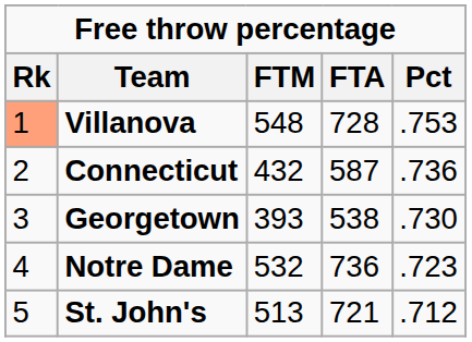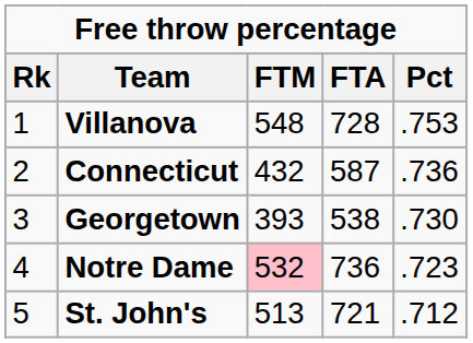 <table class="wikitable" style="white-space:nowrap; font-size:90%;">
 <tr>
 <td colspan=5 style="text-align:center"><strong>Free throw percentage</strong></td>
 </tr>
 <tr>
 <th>Rk</th>
 <th>Team</th>
 <th>FTM</th>
 <th>FTA</th>
 <th>Pct</th>
 </tr>
 <tr>
-<td style="background: lightsalmon;">1</td>
+<td>1</td>
 <td><strong>Villanova</strong></td>
 <td>548</td>
 <td>728</td>
 <td>.753</td>
 </tr>
 <tr>
 <td>2</td>
 <td><strong>Connecticut</strong></td>
 <td>432</td>
 <td>587</td>
 <td>.736</td>
 </tr>
 <tr>
 <td>3</td>
 <td><strong>Georgetown</strong></td>
 <td>393</td>
 <td>538</td>
 <td>.730</td>
 </tr>
 <tr>
 <td>4</td>
 <td><strong>Notre Dame</strong></td>
-<td>532</td>
+<td style="background: pink;">532</td>
 <td>736</td>
 <td>.723</td>
 </tr>
 <tr>
 <td>5</td>
 <td><strong>St. John's</strong></td>
 <td>513</td>
 <td>721</td>
 <td>.712</td>
 </tr>
 </table>
